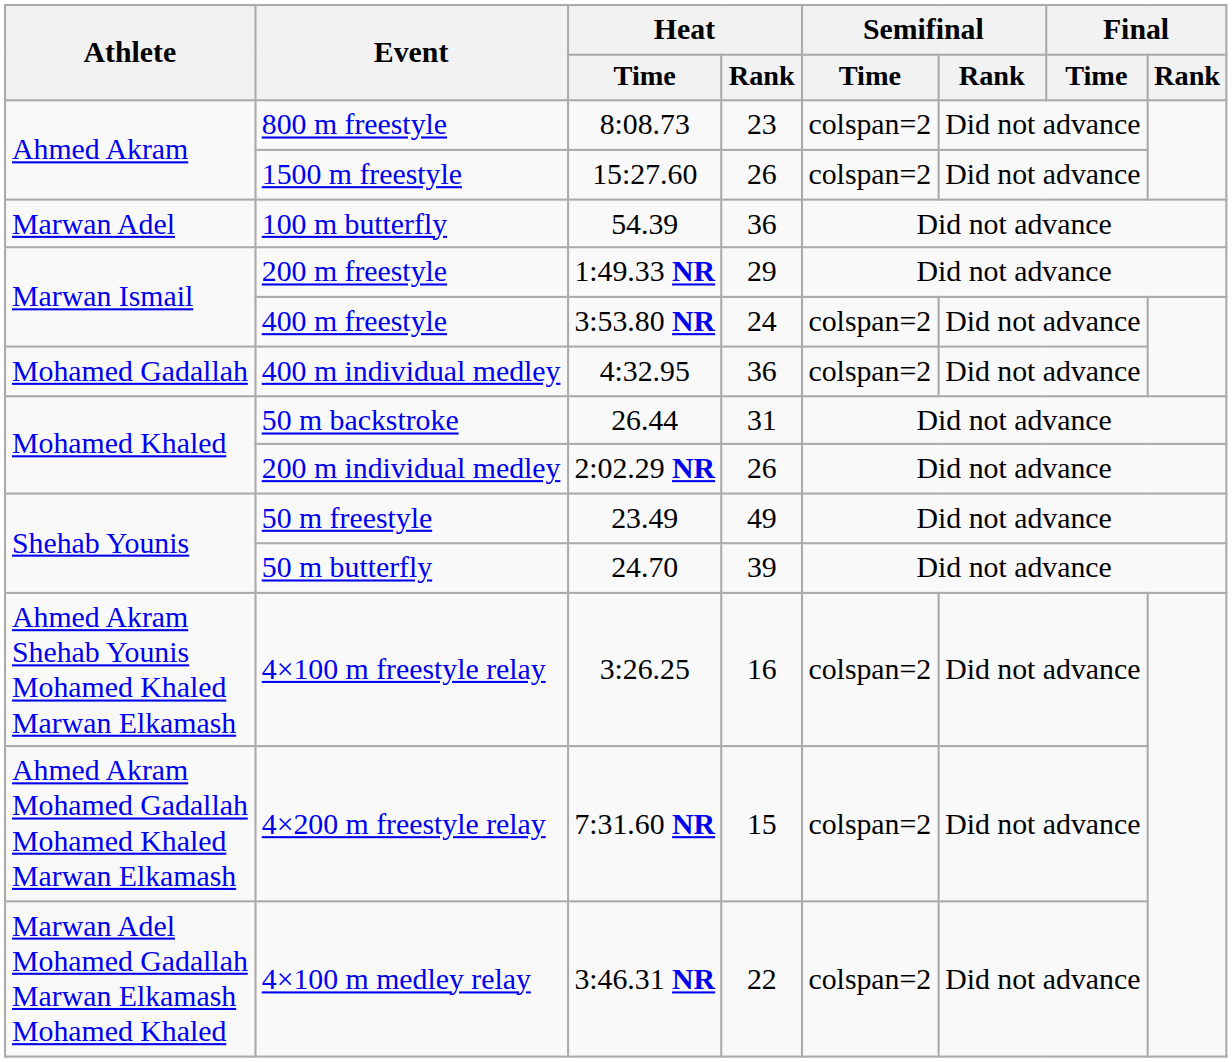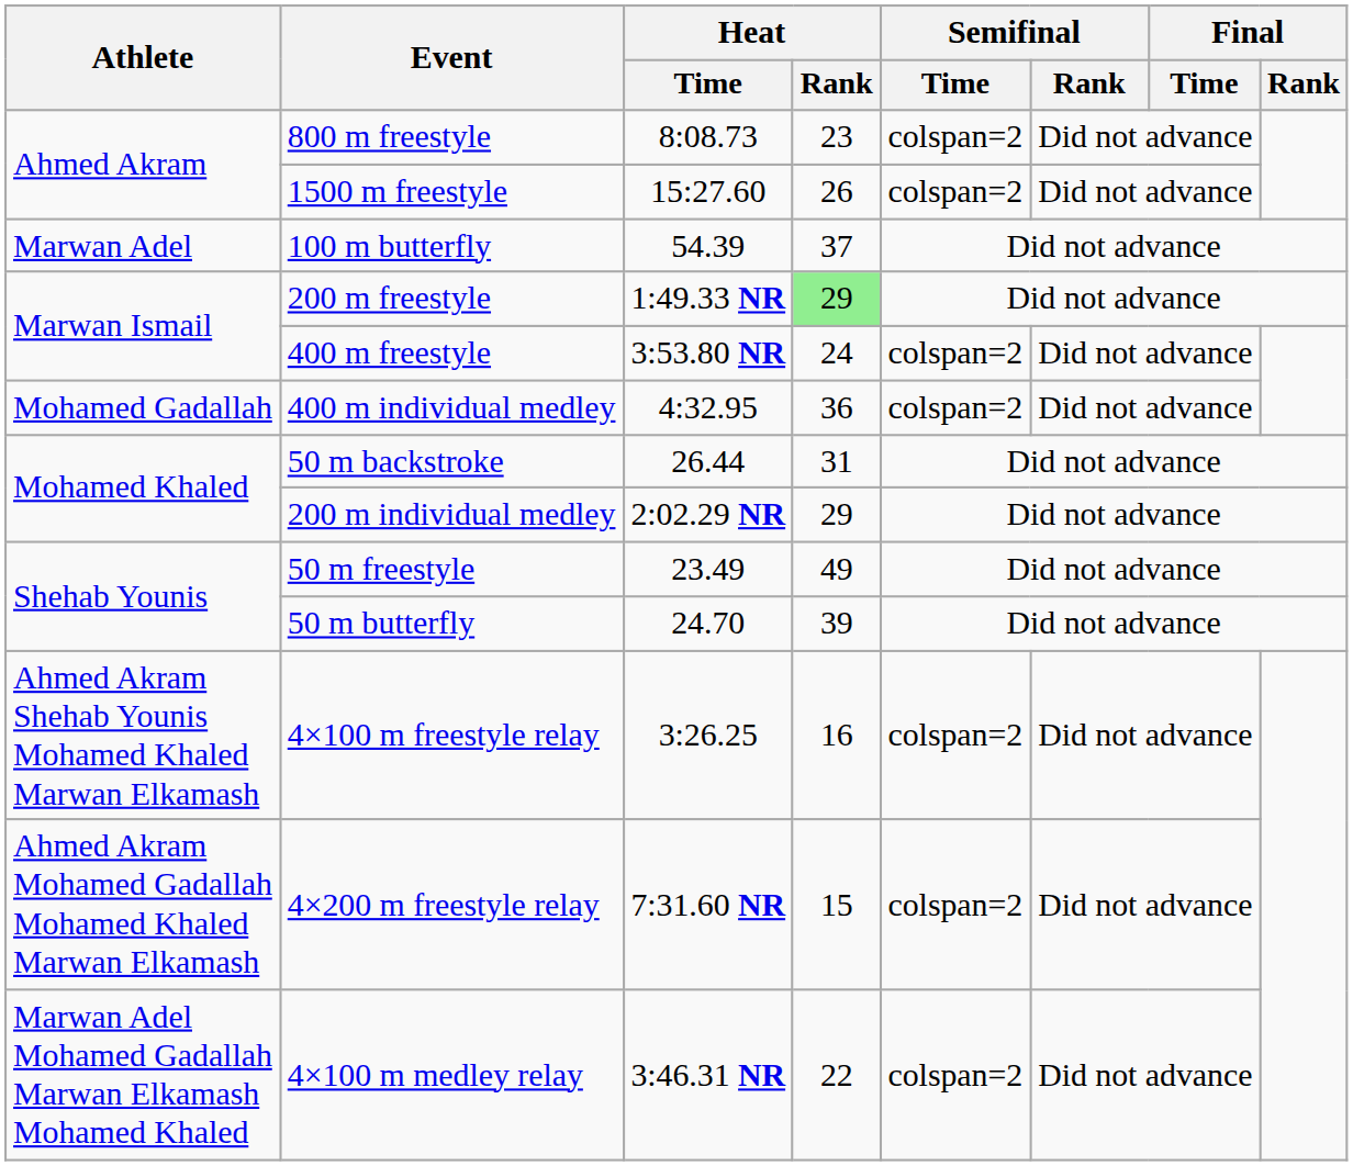 <table class=wikitable style="font-size:90%">
 <tr>
 <th rowspan=2>Athlete</th>
 <th rowspan=2>Event</th>
 <th colspan="2">Heat</th>
 <th colspan="2">Semifinal</th>
 <th colspan="2">Final</th>
 </tr>
 <tr style="font-size:95%">
 <th>Time</th>
 <th>Rank</th>
 <th>Time</th>
 <th>Rank</th>
 <th>Time</th>
 <th>Rank</th>
 </tr>
 <tr align=center>
 <td align=left rowspan=2><a href='#'>Ahmed Akram</a></td>
 <td align=left><a href='#'>800 m freestyle</a></td>
 <td>8:08.73</td>
 <td>23</td>
 <td>colspan=2 </td>
 <td colspan=2>Did not advance</td>
 </tr>
 <tr align=center>
 <td align=left><a href='#'>1500 m freestyle</a></td>
 <td>15:27.60</td>
 <td>26</td>
 <td>colspan=2 </td>
 <td colspan=2>Did not advance</td>
 </tr>
 <tr align=center>
 <td align=left><a href='#'>Marwan Adel</a></td>
 <td align=left><a href='#'>100 m butterfly</a></td>
 <td>54.39</td>
-<td>36</td>
+<td>37</td>
 <td colspan=4>Did not advance</td>
 </tr>
 <tr align=center>
 <td align=left rowspan=2><a href='#'>Marwan Ismail</a></td>
 <td align=left><a href='#'>200 m freestyle</a></td>
 <td>1:49.33 <strong><a href='#'>NR</a></strong></td>
-<td>29</td>
+<td style="background: lightgreen;">29</td>
 <td colspan=4>Did not advance</td>
 </tr>
 <tr align=center>
 <td align=left><a href='#'>400 m freestyle</a></td>
 <td>3:53.80 <strong><a href='#'>NR</a></strong></td>
 <td>24</td>
 <td>colspan=2 </td>
 <td colspan=2>Did not advance</td>
 </tr>
 <tr align=center>
 <td align=left><a href='#'>Mohamed Gadallah</a></td>
 <td align=left><a href='#'>400 m individual medley</a></td>
 <td>4:32.95</td>
 <td>36</td>
 <td>colspan=2 </td>
 <td colspan=2>Did not advance</td>
 </tr>
 <tr align=center>
 <td align=left rowspan=2><a href='#'>Mohamed Khaled</a></td>
 <td align=left><a href='#'>50 m backstroke</a></td>
 <td>26.44</td>
 <td>31</td>
 <td colspan=4>Did not advance</td>
 </tr>
 <tr align=center>
 <td align=left><a href='#'>200 m individual medley</a></td>
 <td>2:02.29 <strong><a href='#'>NR</a></strong></td>
-<td>26</td>
+<td>29</td>
 <td colspan=4>Did not advance</td>
 </tr>
 <tr align=center>
 <td align=left rowspan=2><a href='#'>Shehab Younis</a></td>
 <td align=left><a href='#'>50 m freestyle</a></td>
 <td>23.49</td>
 <td>49</td>
 <td colspan=4>Did not advance</td>
 </tr>
 <tr align=center>
 <td align=left><a href='#'>50 m butterfly</a></td>
 <td>24.70</td>
 <td>39</td>
 <td colspan=4>Did not advance</td>
 </tr>
 <tr align=center>
 <td align=left><a href='#'>Ahmed Akram</a><br><a href='#'>Shehab Younis</a><br><a href='#'>Mohamed Khaled</a><br><a href='#'>Marwan Elkamash</a></td>
 <td align=left><a href='#'>4×100 m freestyle relay</a></td>
 <td>3:26.25</td>
 <td>16</td>
 <td>colspan=2 </td>
 <td colspan=2>Did not advance</td>
 </tr>
 <tr align=center>
 <td align=left><a href='#'>Ahmed Akram</a><br><a href='#'>Mohamed Gadallah</a><br><a href='#'>Mohamed Khaled</a><br><a href='#'>Marwan Elkamash</a></td>
 <td align=left><a href='#'>4×200 m freestyle relay</a></td>
 <td>7:31.60 <strong><a href='#'>NR</a></strong></td>
 <td>15</td>
 <td>colspan=2 </td>
 <td colspan=2>Did not advance</td>
 </tr>
 <tr align=center>
 <td align=left><a href='#'>Marwan Adel</a><br><a href='#'>Mohamed Gadallah</a><br><a href='#'>Marwan Elkamash</a><br><a href='#'>Mohamed Khaled</a></td>
 <td align=left><a href='#'>4×100 m medley relay</a></td>
 <td>3:46.31 <strong><a href='#'>NR</a></strong></td>
 <td>22</td>
 <td>colspan=2 </td>
 <td colspan=2>Did not advance</td>
 </tr>
 </table>
